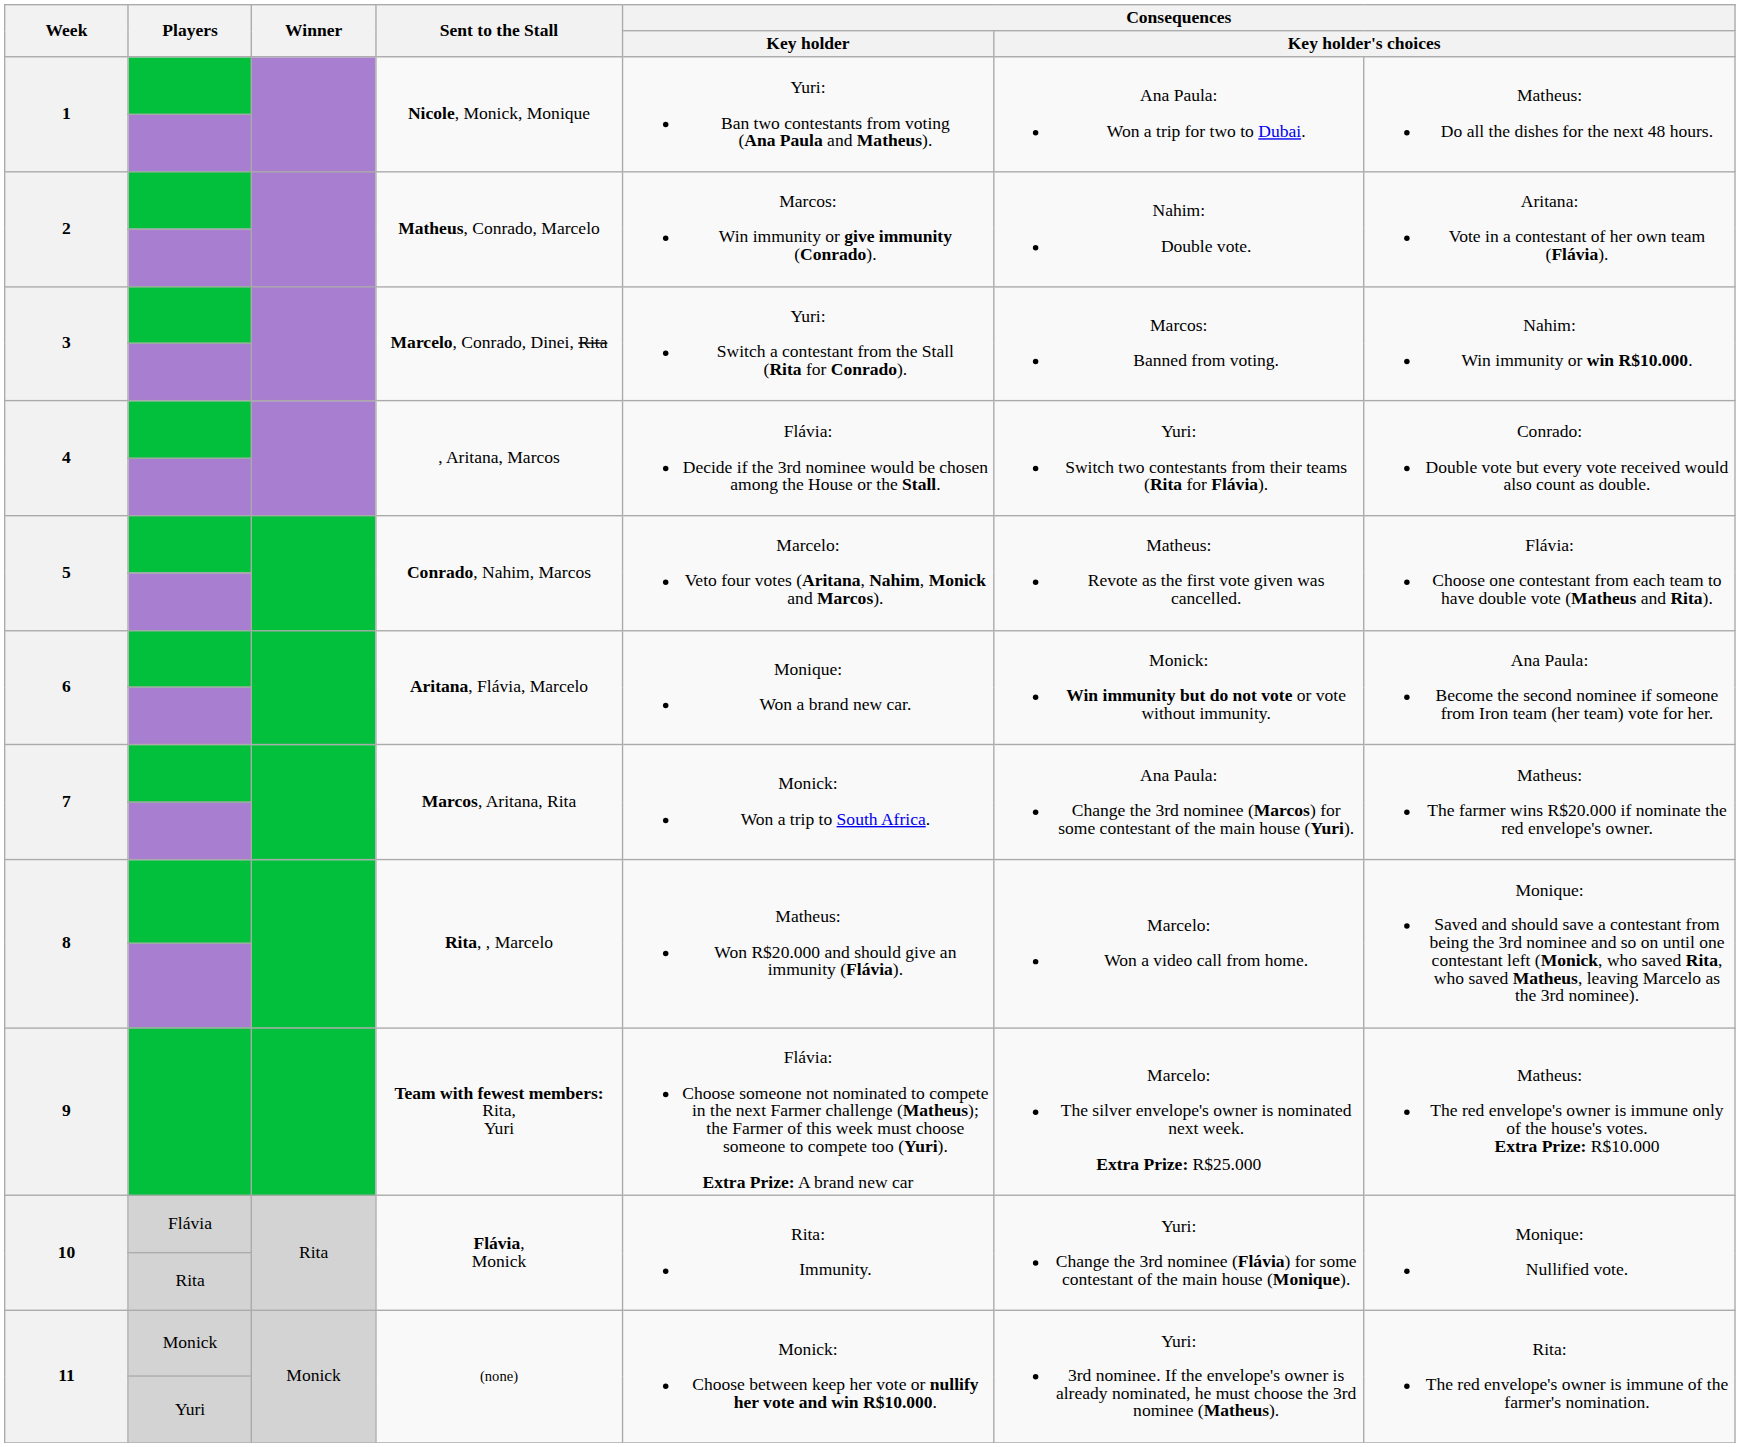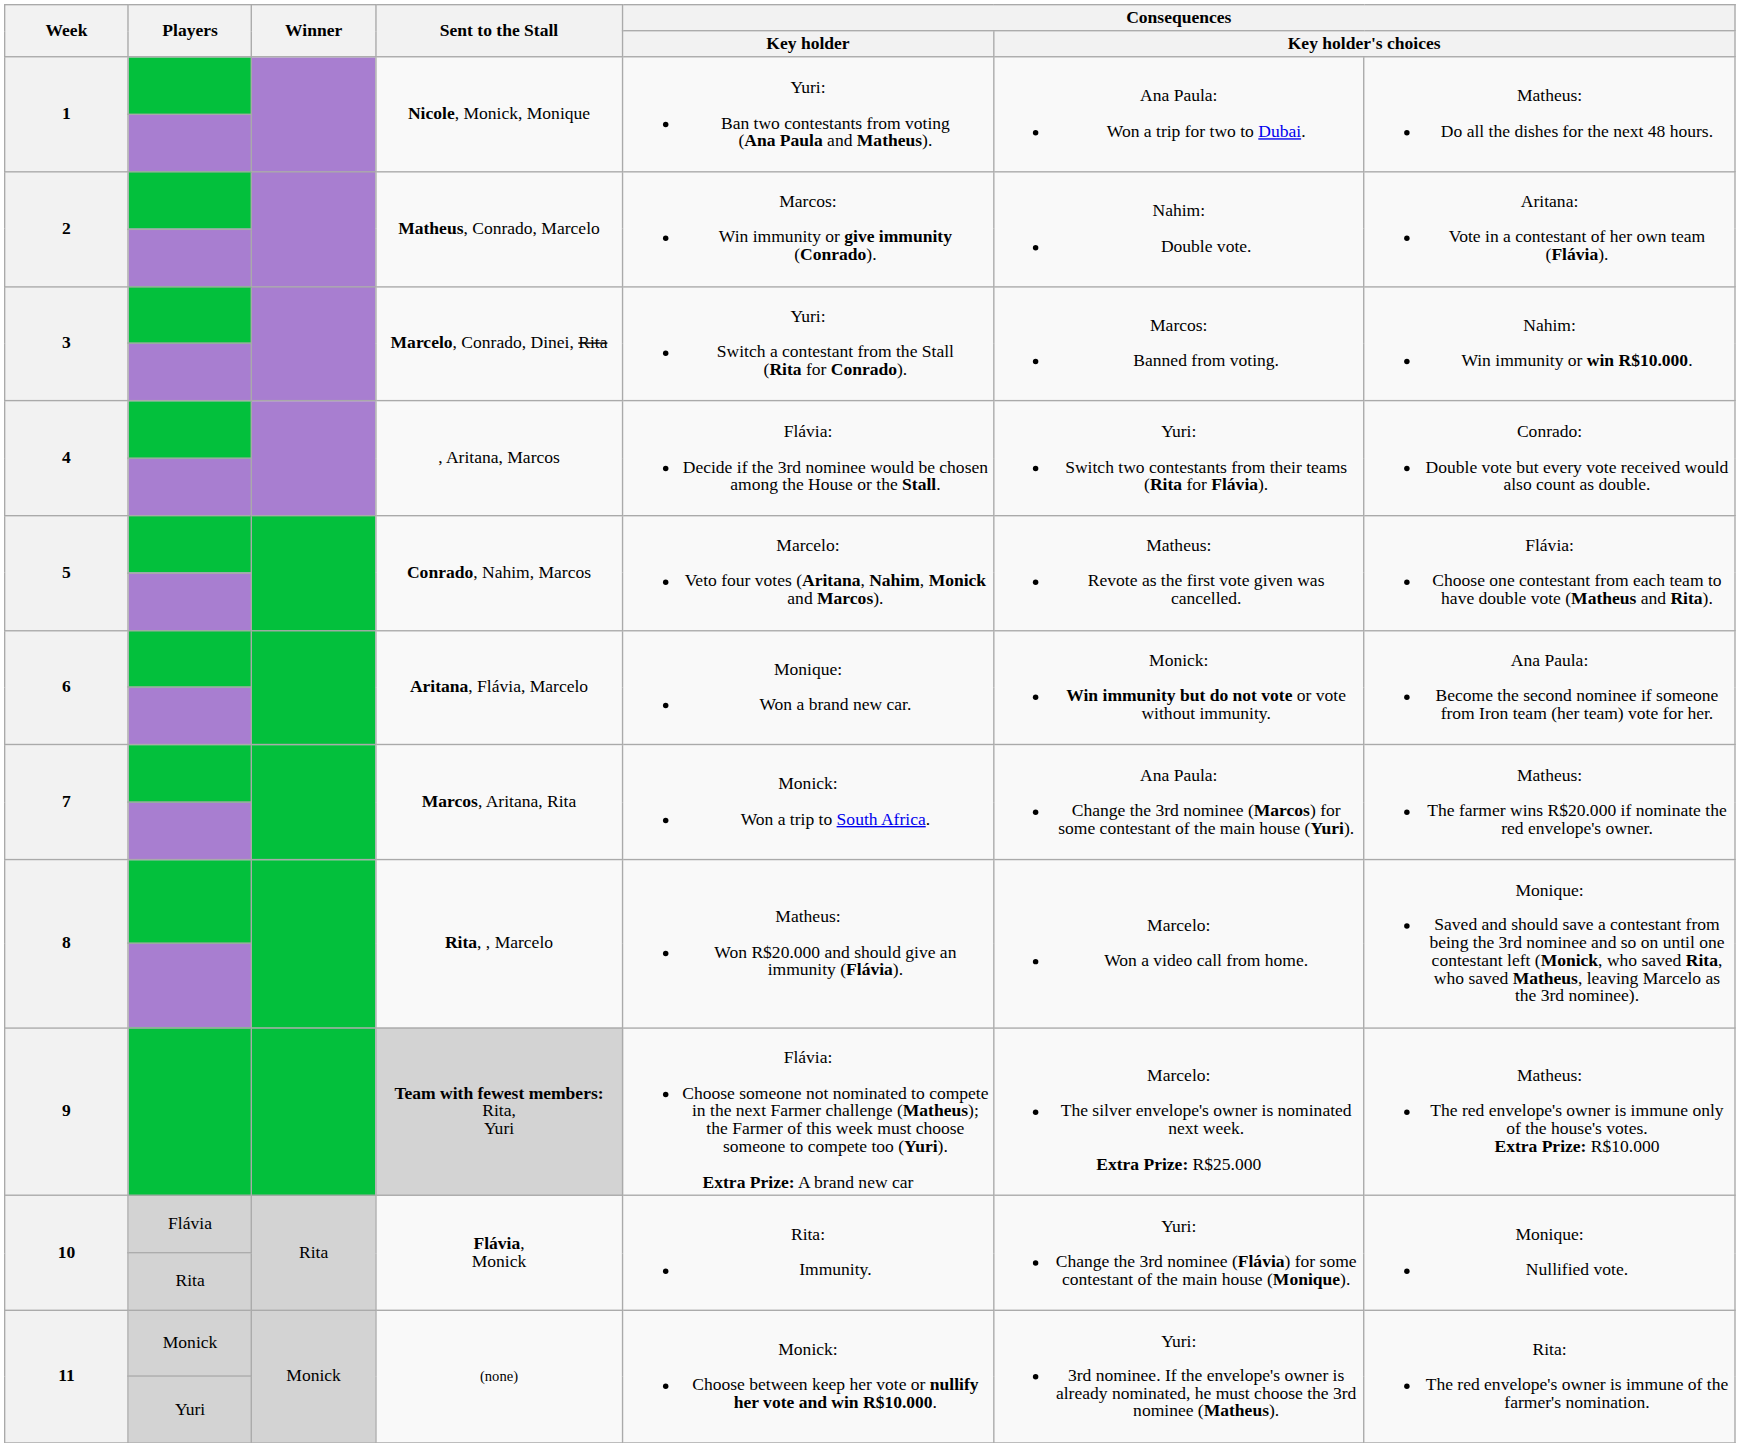 <table class="wikitable" style="text-align:center; font-size:80%; width:100%; line-height:13px;">
 <tr>
 <th rowspan=2 width="05%">Week</th>
 <th rowspan=2 width="05%">Players</th>
 <th rowspan=2 width="05%">Winner</th>
 <th rowspan=2 width="10%">Sent to the Stall</th>
 <th colspan=3 width="45%">Consequences</th>
 </tr>
 <tr>
 <th>Key holder</th>
 <th colspan=2>Key holder's choices</th>
 </tr>
 <tr>
 <th rowspan=2>1</th>
 <td bgcolor=03C03C rowspan=1><div></div></td>
 <td bgcolor=A87ED0 rowspan=2><div></div></td>
 <td rowspan=2><strong>Nicole</strong>, Monick, Monique</td>
 <td rowspan=2 width="15%"><br>Yuri:<ul><li> Ban two contestants from voting<br>(<strong>Ana Paula</strong> and <strong>Matheus</strong>).</li></ul></td>
 <td rowspan=2 width="15%"><br>Ana Paula:<ul><li> Won a trip for two to <a href='#'>Dubai</a>.</li></ul></td>
 <td rowspan=2 width="15%"><br>Matheus:<ul><li> Do all the dishes for the next 48 hours.</li></ul></td>
 </tr>
 <tr>
 <td bgcolor=A87ED0><div></div></td>
 </tr>
 <tr>
 <th rowspan=2>2</th>
 <td bgcolor=03C03C rowspan=1><div></div></td>
 <td bgcolor=A87ED0 rowspan=2><div></div></td>
 <td rowspan=2><strong>Matheus</strong>, Conrado, Marcelo</td>
 <td rowspan=2><br>Marcos:<ul><li> Win immunity or <strong>give immunity</strong><br>(<strong>Conrado</strong>).</li></ul></td>
 <td rowspan=2><br>Nahim:<ul><li> Double vote.</li></ul></td>
 <td rowspan=2><br>Aritana:<ul><li> Vote in a contestant of her own team<br>(<strong>Flávia</strong>).</li></ul></td>
 </tr>
 <tr>
 <td bgcolor=A87ED0><div></div></td>
 </tr>
 <tr>
 <th rowspan=2>3</th>
 <td bgcolor=03C03C rowspan=1><div></div></td>
 <td bgcolor=A87ED0 rowspan=2><div></div></td>
 <td rowspan=2><strong>Marcelo</strong>, Conrado, Dinei, <s>Rita</s></td>
 <td rowspan=2><br>Yuri:<ul><li> Switch a contestant from the Stall<br>(<strong>Rita</strong> for <strong>Conrado</strong>).</li></ul></td>
 <td rowspan=2><br>Marcos:<ul><li> Banned from voting.</li></ul></td>
 <td rowspan=2><br>Nahim:<ul><li> Win immunity or <strong>win R$10.000</strong>.</li></ul></td>
 </tr>
 <tr>
 <td bgcolor=A87ED0><div></div></td>
 </tr>
 <tr>
 <th rowspan=2>4</th>
 <td bgcolor=03C03C rowspan=1><div></div></td>
 <td bgcolor=A87ED0 rowspan=2><div></div></td>
 <td rowspan=2><strong></strong>, Aritana, Marcos</td>
 <td rowspan=2><br>Flávia:<ul><li> Decide if the 3rd nominee would be chosen among the House or the <strong>Stall</strong>.</li></ul></td>
 <td rowspan=2><br>Yuri:<ul><li> Switch two contestants from their teams (<strong>Rita</strong> for <strong>Flávia</strong>).</li></ul></td>
 <td rowspan=2><br>Conrado:<ul><li> Double vote but every vote received would also count as double.</li></ul></td>
 </tr>
 <tr>
 <td bgcolor=A87ED0><div></div></td>
 </tr>
 <tr>
 <th rowspan=2>5</th>
 <td bgcolor=03C03C rowspan=1><div></div></td>
 <td bgcolor=03C03C rowspan=2><div></div></td>
 <td rowspan=2><strong>Conrado</strong>, Nahim, Marcos</td>
 <td rowspan=2><br>Marcelo:<ul><li> Veto four votes (<strong>Aritana</strong>, <strong>Nahim</strong>, <strong>Monick</strong> and <strong>Marcos</strong>).</li></ul></td>
 <td rowspan=2><br>Matheus:<ul><li> Revote as the first vote given was cancelled.</li></ul></td>
 <td rowspan=2><br>Flávia:<ul><li> Choose one contestant from each team to have double vote (<strong>Matheus</strong> and <strong>Rita</strong>).</li></ul></td>
 </tr>
 <tr>
 <td bgcolor=A87ED0><div></div></td>
 </tr>
 <tr>
 <th rowspan=2>6</th>
 <td bgcolor=03C03C rowspan=1><div></div></td>
 <td bgcolor=03C03C rowspan=2><div></div></td>
 <td rowspan=2><strong>Aritana</strong>, Flávia, Marcelo</td>
 <td rowspan=2><br>Monique:<ul><li> Won a brand new car.</li></ul></td>
 <td rowspan=2><br>Monick:<ul><li> <strong>Win immunity but do not vote</strong> or vote without immunity.</li></ul></td>
 <td rowspan=2><br>Ana Paula:<ul><li> Become the second nominee if someone from Iron team (her team) vote for her.</li></ul></td>
 </tr>
 <tr>
 <td bgcolor=A87ED0><div></div></td>
 </tr>
 <tr>
 <th rowspan=2>7</th>
 <td bgcolor=03C03C rowspan=1><div></div></td>
 <td bgcolor=03C03C rowspan=2><div></div></td>
 <td rowspan=2><strong>Marcos</strong>, Aritana, Rita</td>
 <td rowspan=2><br>Monick:<ul><li> Won a trip to <a href='#'>South Africa</a>.</li></ul></td>
 <td rowspan=2><br>Ana Paula:<ul><li> Change the 3rd nominee (<strong>Marcos</strong>) for some contestant of the main house (<strong>Yuri</strong>).</li></ul></td>
 <td rowspan=2><br>Matheus:<ul><li> The farmer wins R$20.000 if nominate the red envelope's owner.</li></ul></td>
 </tr>
 <tr>
 <td bgcolor=A87ED0><div></div></td>
 </tr>
 <tr>
 <th rowspan=2>8</th>
 <td bgcolor=03C03C rowspan=1><div></div></td>
 <td bgcolor=03C03C rowspan=2><div></div></td>
 <td rowspan=2><strong>Rita</strong>, , Marcelo</td>
 <td rowspan=2><br>Matheus:<ul><li> Won R$20.000 and should give an immunity (<strong>Flávia</strong>).</li></ul></td>
 <td rowspan=2><br>Marcelo:<ul><li> Won a video call from home.</li></ul></td>
 <td rowspan=2><br>Monique:<ul><li> Saved and should save a contestant from being the 3rd nominee and so on until one contestant left (<strong>Monick</strong>, who saved <strong>Rita</strong>, who saved <strong>Matheus</strong>, leaving Marcelo as the 3rd nominee).</li></ul></td>
 </tr>
 <tr>
 <td bgcolor=A87ED0><div></div></td>
 </tr>
 <tr>
 <th rowspan=1>9</th>
 <td bgcolor=03C03C rowspan=1><div></div></td>
 <td bgcolor=03C03C rowspan=1><div></div></td>
-<td rowspan=1><strong>Team with fewest members:</strong><br>Rita,<br>Yuri</td>
+<td rowspan=1 style="background: lightgrey;"><strong>Team with fewest members:</strong><br>Rita,<br>Yuri</td>
 <td rowspan=1><br>Flávia:<ul><li> Choose someone not nominated to compete in the next Farmer challenge (<strong>Matheus</strong>); the Farmer of this week must choose someone to compete too (<strong>Yuri</strong>).</li></ul><strong>Extra Prize:</strong> A brand new car<br></td>
 <td rowspan=1><br>Marcelo:<ul><li> The silver envelope's owner is nominated next week.</li></ul><strong>Extra Prize:</strong> R$25.000<br></td>
 <td rowspan=1><br>Matheus:<ul><li> The red envelope's owner is immune only of the house's votes. <br><strong>Extra Prize:</strong> R$10.000</li></ul></td>
 </tr>
 <tr>
 <th rowspan=2>10</th>
 <td bgcolor=lightgray rowspan=1><div>Flávia</div></td>
 <td bgcolor=lightgray rowspan=2><div>Rita</div></td>
 <td rowspan=2><strong>Flávia</strong>,<br>Monick</td>
 <td rowspan=2><br>Rita:<ul><li> Immunity.</li></ul></td>
 <td rowspan=2><br>Yuri:<ul><li> Change the 3rd nominee (<strong>Flávia</strong>) for some contestant of the main house (<strong>Monique</strong>).</li></ul></td>
 <td rowspan=2><br>Monique:<ul><li> Nullified vote.</li></ul></td>
 </tr>
 <tr>
 <td bgcolor=lightgray><div>Rita</div></td>
 </tr>
 <tr>
 <th rowspan=2>11</th>
 <td bgcolor=lightgray rowspan=1><div>Monick</div></td>
 <td bgcolor=lightgray rowspan=2><div>Monick</div></td>
 <td rowspan=2><small>(none)</small></td>
 <td rowspan=2><br>Monick:<ul><li> Choose between keep her vote or <strong>nullify her vote and win R$10.000</strong>.</li></ul></td>
 <td rowspan=2><br>Yuri:<ul><li> 3rd nominee. If the envelope's owner is already nominated, he must choose the 3rd nominee (<strong>Matheus</strong>).</li></ul></td>
 <td rowspan=2><br>Rita:<ul><li> The red envelope's owner is immune of the farmer's nomination.</li></ul></td>
 </tr>
 <tr>
 <td bgcolor=lightgray><div>Yuri</div></td>
 </tr>
 <tr>
 </tr>
 </table>
